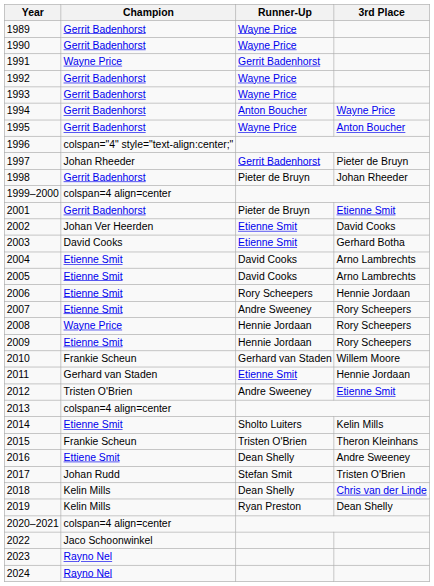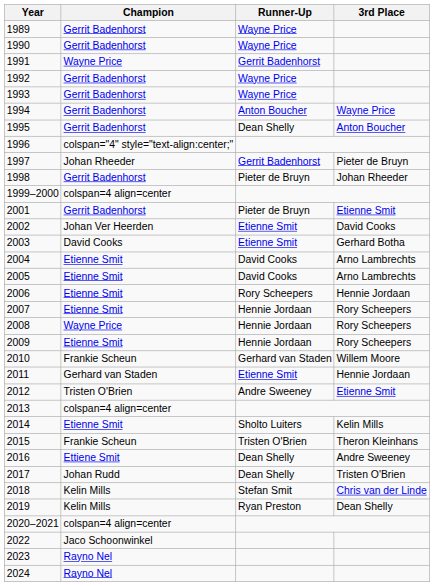 <table class="wikitable">
 <tr>
 <th>Year</th>
 <th>Champion</th>
 <th>Runner-Up</th>
 <th>3rd Place</th>
 </tr>
 <tr>
 <td>1989</td>
 <td> <a href='#'>Gerrit Badenhorst</a></td>
 <td> <a href='#'>Wayne Price</a></td>
 <td></td>
 </tr>
 <tr>
 <td>1990</td>
 <td> <a href='#'>Gerrit Badenhorst</a></td>
 <td> <a href='#'>Wayne Price</a></td>
 <td></td>
 </tr>
 <tr>
 <td>1991</td>
 <td> <a href='#'>Wayne Price</a></td>
 <td> <a href='#'>Gerrit Badenhorst</a></td>
 <td></td>
 </tr>
 <tr>
 <td>1992</td>
 <td> <a href='#'>Gerrit Badenhorst</a></td>
 <td> <a href='#'>Wayne Price</a></td>
 <td></td>
 </tr>
 <tr>
 <td>1993</td>
 <td> <a href='#'>Gerrit Badenhorst</a></td>
 <td> <a href='#'>Wayne Price</a></td>
 <td></td>
 </tr>
 <tr>
 <td>1994</td>
 <td> <a href='#'>Gerrit Badenhorst</a></td>
 <td> <a href='#'>Anton Boucher</a></td>
 <td> <a href='#'>Wayne Price</a></td>
 </tr>
 <tr>
 <td>1995</td>
 <td> <a href='#'>Gerrit Badenhorst</a></td>
-<td> <a href='#'>Wayne Price</a></td>
+<td> Dean Shelly</td>
 <td> <a href='#'>Anton Boucher</a></td>
 </tr>
 <tr>
 <td>1996</td>
 <td>colspan="4"  style="text-align:center;" </td>
 </tr>
 <tr>
 <td>1997</td>
 <td> Johan Rheeder</td>
 <td> <a href='#'>Gerrit Badenhorst</a></td>
 <td> Pieter de Bruyn</td>
 </tr>
 <tr>
 <td>1998</td>
 <td> <a href='#'>Gerrit Badenhorst</a></td>
 <td> Pieter de Bruyn</td>
 <td> Johan Rheeder</td>
 </tr>
 <tr>
 <td>1999–2000</td>
 <td>colspan=4 align=center </td>
 </tr>
 <tr>
 <td>2001</td>
 <td> <a href='#'>Gerrit Badenhorst</a></td>
 <td> Pieter de Bruyn</td>
 <td> <a href='#'>Etienne Smit</a></td>
 </tr>
 <tr>
 <td>2002</td>
 <td> Johan Ver Heerden</td>
 <td> <a href='#'>Etienne Smit</a></td>
 <td> David Cooks</td>
 </tr>
 <tr>
 <td>2003</td>
 <td> David Cooks</td>
 <td> <a href='#'>Etienne Smit</a></td>
 <td> Gerhard Botha</td>
 </tr>
 <tr>
 <td>2004</td>
 <td> <a href='#'>Etienne Smit</a></td>
 <td> David Cooks</td>
 <td> Arno Lambrechts</td>
 </tr>
 <tr>
 <td>2005</td>
 <td> <a href='#'>Etienne Smit</a></td>
 <td> David Cooks</td>
 <td> Arno Lambrechts</td>
 </tr>
 <tr>
 <td>2006</td>
 <td> <a href='#'>Etienne Smit</a></td>
 <td> Rory Scheepers</td>
 <td> Hennie Jordaan</td>
 </tr>
 <tr>
 <td>2007</td>
 <td> <a href='#'>Etienne Smit</a></td>
-<td> Andre Sweeney</td>
+<td> Hennie Jordaan</td>
 <td> Rory Scheepers</td>
 </tr>
 <tr>
 <td>2008</td>
 <td> <a href='#'>Wayne Price</a></td>
 <td> Hennie Jordaan</td>
 <td> Rory Scheepers</td>
 </tr>
 <tr>
 <td>2009</td>
 <td> <a href='#'>Etienne Smit</a></td>
 <td> Hennie Jordaan</td>
 <td> Rory Scheepers</td>
 </tr>
 <tr>
 <td>2010</td>
 <td> Frankie Scheun</td>
 <td> Gerhard van Staden</td>
 <td> Willem Moore</td>
 </tr>
 <tr>
 <td>2011</td>
 <td> Gerhard van Staden</td>
 <td> <a href='#'>Etienne Smit</a></td>
 <td> Hennie Jordaan</td>
 </tr>
 <tr>
 <td>2012</td>
 <td> Tristen O'Brien</td>
 <td> Andre Sweeney</td>
 <td> <a href='#'>Etienne Smit</a></td>
 </tr>
 <tr>
 <td>2013</td>
 <td>colspan=4 align=center </td>
 </tr>
 <tr>
 <td>2014</td>
 <td> <a href='#'>Etienne Smit</a></td>
 <td> Sholto Luiters</td>
 <td> Kelin Mills</td>
 </tr>
 <tr>
 <td>2015</td>
 <td> Frankie Scheun</td>
 <td> Tristen O'Brien</td>
 <td> Theron Kleinhans</td>
 </tr>
 <tr>
 <td>2016</td>
 <td> <a href='#'>Ettiene Smit</a></td>
 <td> Dean Shelly</td>
 <td> Andre Sweeney</td>
 </tr>
 <tr>
 <td>2017</td>
 <td> Johan Rudd</td>
-<td> Stefan Smit</td>
+<td> Dean Shelly</td>
 <td> Tristen O'Brien</td>
 </tr>
 <tr>
 <td>2018</td>
 <td> Kelin Mills</td>
-<td> Dean Shelly</td>
+<td> Stefan Smit</td>
 <td> <a href='#'>Chris van der Linde</a></td>
 </tr>
 <tr>
 <td>2019</td>
 <td> Kelin Mills</td>
 <td> Ryan Preston</td>
 <td> Dean Shelly</td>
 </tr>
 <tr>
 <td>2020–2021</td>
 <td>colspan=4 align=center </td>
 </tr>
 <tr>
 <td>2022</td>
 <td> Jaco Schoonwinkel</td>
 <td></td>
 <td></td>
 </tr>
 <tr>
 <td>2023</td>
 <td> <a href='#'>Rayno Nel</a></td>
 <td></td>
 <td></td>
 </tr>
 <tr>
 <td>2024</td>
 <td> <a href='#'>Rayno Nel</a></td>
 <td></td>
 <td></td>
 </tr>
 </table>
